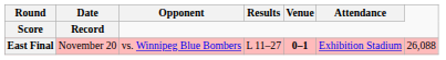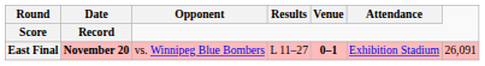 <table class="wikitable" style="text-align:center">
 <tr>
 <th>Round</th>
 <th>Date</th>
 <th>Opponent</th>
 <th>Results</th>
 <th>Venue</th>
 <th>Attendance</th>
 </tr>
 <tr>
 <th>Score</th>
 <th>Record</th>
 </tr>
 <tr style="background:#ffbbbb">
 <th>East Final</th>
-<td>November 20</td>
+<td><strong>November 20</strong></td>
 <td>vs. <a href='#'>Winnipeg Blue Bombers</a></td>
 <td>L 11–27</td>
 <td><strong>0–1</strong></td>
 <td><a href='#'>Exhibition Stadium</a></td>
-<td>26,088</td>
+<td>26,091</td>
 </tr>
 </table>
